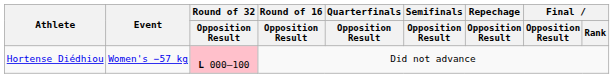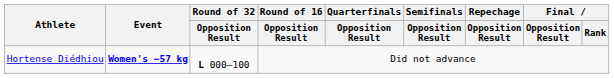 <table class="wikitable" style="font-size:90%">
 <tr>
 <th rowspan="2">Athlete</th>
 <th rowspan="2">Event</th>
 <th>Round of 32</th>
 <th>Round of 16</th>
 <th>Quarterfinals</th>
 <th>Semifinals</th>
 <th>Repechage</th>
 <th colspan=2>Final / </th>
 </tr>
 <tr style="font-size:95%">
 <th>Opposition<br>Result</th>
 <th>Opposition<br>Result</th>
 <th>Opposition<br>Result</th>
 <th>Opposition<br>Result</th>
 <th>Opposition<br>Result</th>
 <th>Opposition<br>Result</th>
 <th>Rank</th>
 </tr>
 <tr align=center>
 <td align=left><a href='#'>Hortense Diédhiou</a></td>
-<td align=left><a href='#'>Women's −57 kg</a></td>
-<td style="background: pink;"><br><strong>L</strong> 000–100</td>
+<td align=left><strong><a href='#'>Women's −57 kg</a></strong></td>
+<td><br><strong>L</strong> 000–100</td>
 <td colspan=6>Did not advance</td>
 </tr>
 </table>
